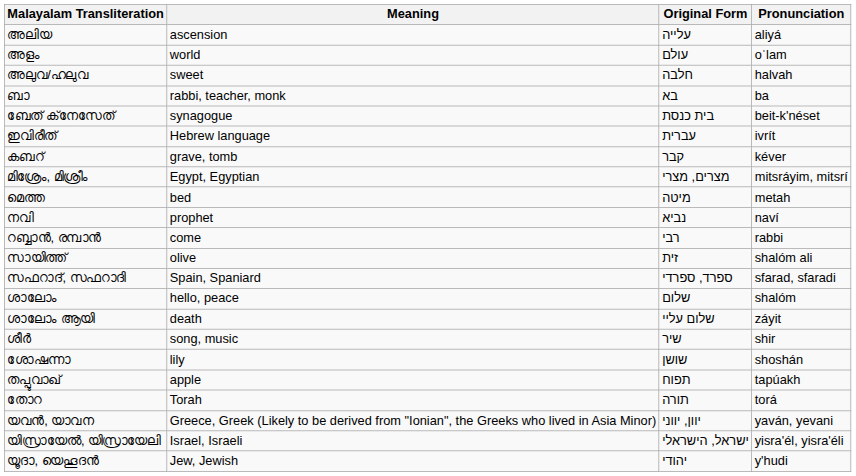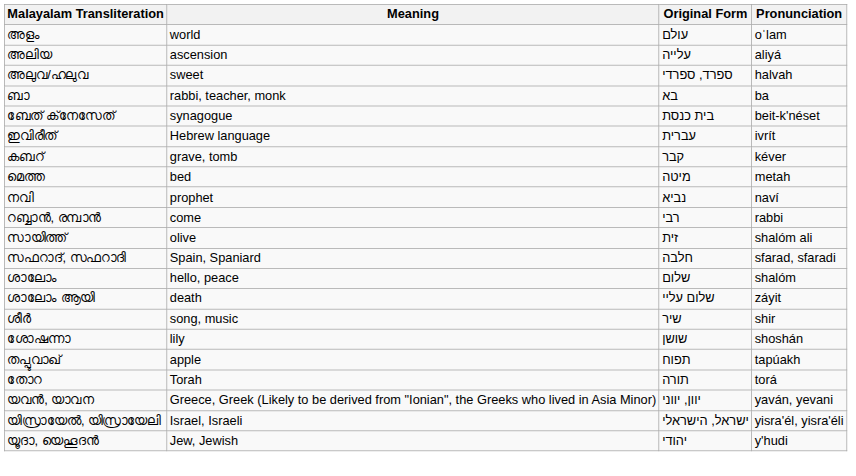 <table class="wikitable">
 <tr>
 <th>Malayalam Transliteration</th>
 <th>Meaning</th>
 <th>Original Form</th>
 <th>Pronunciation</th>
 </tr>
 <tr>
+<td>അളം</td>
+<td>world</td>
+<td>עולם</td>
+<td>oˈlam</td>
+</tr>
+<tr>
 <td>അലിയ</td>
 <td>ascension</td>
 <td>עלייה</td>
 <td>aliyá</td>
 </tr>
 <tr>
-<td>അളം</td>
-<td>world</td>
-<td>עולם</td>
-<td>oˈlam</td>
-</tr>
-<tr>
 <td>അലുവ/ഹലുവ</td>
 <td>sweet</td>
-<td>חלבה</td>
+<td>ספרד, ספרדי</td>
 <td>halvah</td>
 </tr>
 <tr>
 <td>ബാ</td>
 <td>rabbi, teacher, monk</td>
 <td>בא</td>
 <td>ba</td>
 </tr>
 <tr>
 <td>ബേത് ക്‌നേസേത്</td>
 <td>synagogue</td>
 <td>בית כנסת</td>
 <td>beit-k'néset</td>
 </tr>
 <tr>
 <td>ഇവിരീത്</td>
 <td>Hebrew language</td>
 <td>עברית</td>
 <td>ivrít</td>
 </tr>
 <tr>
 <td>കബറ്</td>
 <td>grave, tomb</td>
 <td>קבר</td>
 <td>kéver</td>
-</tr>
-<tr>
-<td>മിശ്രേം, മിശ്രീം</td>
-<td>Egypt, Egyptian</td>
-<td>מצרים, מצרי</td>
-<td>mitsráyim, mitsrí</td>
 </tr>
 <tr>
 <td>മെത്ത</td>
 <td>bed</td>
 <td>מיטה</td>
 <td>metah</td>
 </tr>
 <tr>
 <td>നവി</td>
 <td>prophet</td>
 <td>נביא</td>
 <td>naví</td>
 </tr>
 <tr>
 <td>റബ്ബാൻ, രമ്പാൻ</td>
 <td>come</td>
 <td>רבי</td>
 <td>rabbi</td>
 </tr>
 <tr>
 <td>സായിത്ത്</td>
 <td>olive</td>
 <td>זית</td>
 <td>shalóm ali</td>
 </tr>
 <tr>
 <td>സഫറാദ്, സഫറാദി</td>
 <td>Spain, Spaniard</td>
-<td>ספרד, ספרדי</td>
+<td>חלבה</td>
 <td>sfarad, sfaradi</td>
 </tr>
 <tr>
 <td>ശാലോം</td>
 <td>hello, peace</td>
 <td>שלום</td>
 <td>shalóm</td>
 </tr>
 <tr>
 <td>ശാലോം ആയി</td>
 <td>death</td>
 <td>שלום עליי</td>
 <td>záyit</td>
 </tr>
 <tr>
 <td>ശീർ</td>
 <td>song, music</td>
 <td>שיר</td>
 <td>shir</td>
 </tr>
 <tr>
 <td>ശോഷന്നാ</td>
 <td>lily</td>
 <td>שושן</td>
 <td>shoshán</td>
 </tr>
 <tr>
 <td>തപ്പുവാഖ്</td>
 <td>apple</td>
 <td>תפוח</td>
 <td>tapúakh</td>
 </tr>
 <tr>
 <td>തോറ</td>
 <td>Torah</td>
 <td>תורה</td>
 <td>torá</td>
 </tr>
 <tr>
 <td>യവൻ, യാവന</td>
 <td>Greece, Greek (Likely to be derived from "Ionian", the Greeks who lived in Asia Minor)</td>
 <td>יוון, יווני</td>
 <td>yaván, yevani</td>
 </tr>
 <tr>
 <td>യിസ്രായേൽ, യിസ്രായേലി</td>
 <td>Israel, Israeli</td>
 <td>ישראל, הישראלי</td>
 <td>yisra'él, yisra'éli</td>
 </tr>
 <tr>
 <td>യൂദാ, യെഹൂദൻ</td>
 <td>Jew, Jewish</td>
 <td>יהודי</td>
 <td>y'hudi</td>
 </tr>
 </table>
